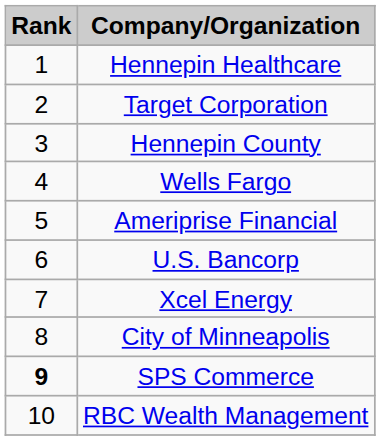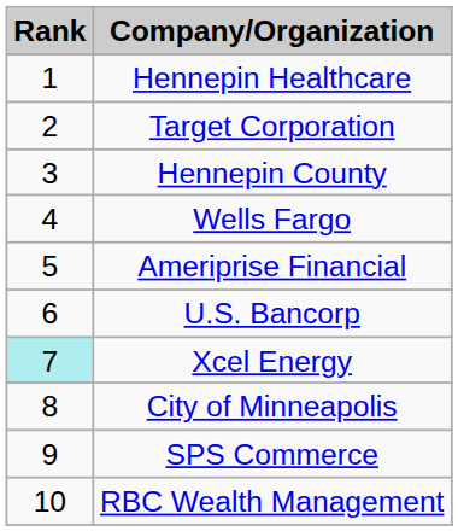 <table class="wikitable" style="float:right; font-size:90%; text-align:center; margin:1em;">
 <tr style="background:#ccc;">
 <td><strong>Rank</strong></td>
 <td style="background:#ccc;"><strong>Company/Organization</strong></td>
 </tr>
 <tr>
 <td>1</td>
 <td><a href='#'>Hennepin Healthcare</a></td>
 </tr>
 <tr>
 <td>2</td>
 <td><a href='#'>Target Corporation</a></td>
 </tr>
 <tr>
 <td>3</td>
 <td><a href='#'>Hennepin County</a></td>
 </tr>
 <tr>
 <td>4</td>
 <td><a href='#'>Wells Fargo</a></td>
 </tr>
 <tr>
 <td>5</td>
 <td><a href='#'>Ameriprise Financial</a></td>
 </tr>
 <tr>
 <td>6</td>
 <td><a href='#'>U.S. Bancorp</a></td>
 </tr>
 <tr>
-<td>7</td>
+<td style="background: paleturquoise;">7</td>
 <td><a href='#'>Xcel Energy</a></td>
 </tr>
 <tr>
 <td>8</td>
 <td><a href='#'>City of Minneapolis</a></td>
 </tr>
 <tr>
-<td><strong>9</strong></td>
+<td>9</td>
 <td><a href='#'>SPS Commerce</a></td>
 </tr>
 <tr>
 <td>10</td>
 <td><a href='#'>RBC Wealth Management</a></td>
 </tr>
 </table>
